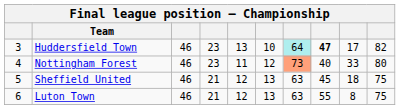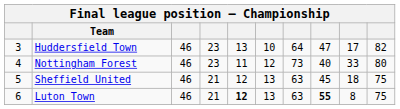 <table class="wikitable" style="text-align:center">
 <tr>
 <th colspan="10"><big>Final league position – Championship</big></th>
 </tr>
 <tr>
 <th width="30"></th>
 <th width="175">Team</th>
 <th width="30"></th>
 <th width="30"></th>
 <th width="30"></th>
 <th width="30"></th>
 <th width="30"></th>
 <th width="30"></th>
 <th width="30"></th>
 <th width="30"></th>
 </tr>
 <tr>
 <td>3</td>
 <td align="left"><a href='#'>Huddersfield Town</a></td>
 <td>46</td>
 <td>23</td>
 <td>13</td>
 <td>10</td>
-<td style="background: paleturquoise;">64</td>
-<td><strong>47</strong></td>
+<td>64</td>
+<td>47</td>
 <td>17</td>
 <td>82</td>
 </tr>
 <tr>
 <td>4</td>
 <td align="left"><a href='#'>Nottingham Forest</a></td>
 <td>46</td>
 <td>23</td>
 <td>11</td>
 <td>12</td>
-<td style="background: lightsalmon;">73</td>
+<td>73</td>
 <td>40</td>
 <td>33</td>
 <td>80</td>
 </tr>
 <tr>
 <td>5</td>
 <td align="left"><a href='#'>Sheffield United</a></td>
 <td>46</td>
 <td>21</td>
 <td>12</td>
 <td>13</td>
 <td>63</td>
 <td>45</td>
 <td>18</td>
 <td>75</td>
 </tr>
 <tr>
 <td>6</td>
 <td align="left"><a href='#'>Luton Town</a></td>
 <td>46</td>
 <td>21</td>
-<td>12</td>
+<td><strong>12</strong></td>
 <td>13</td>
 <td>63</td>
-<td>55</td>
+<td><strong>55</strong></td>
 <td>8</td>
 <td>75</td>
 </tr>
 </table>
